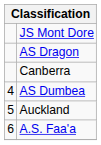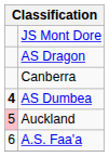 <table class="wikitable" font-size: 90%;>
 <tr>
 <th colspan=2>Classification</th>
 </tr>
 <tr valign="top">
 <td></td>
 <td> <a href='#'>JS Mont Dore</a></td>
 </tr>
 <tr>
 <td></td>
 <td> <a href='#'>AS Dragon</a></td>
 </tr>
 <tr>
 <td></td>
 <td> Canberra</td>
 </tr>
 <tr>
-<td>4</td>
+<td><strong>4</strong></td>
 <td> <a href='#'>AS Dumbea</a></td>
 </tr>
 <tr>
-<td>5</td>
+<td style="background: pink;">5</td>
 <td> Auckland</td>
 </tr>
 <tr>
 <td>6</td>
 <td> <a href='#'>A.S. Faa'a</a></td>
 </tr>
 <tr>
 </tr>
 </table>
